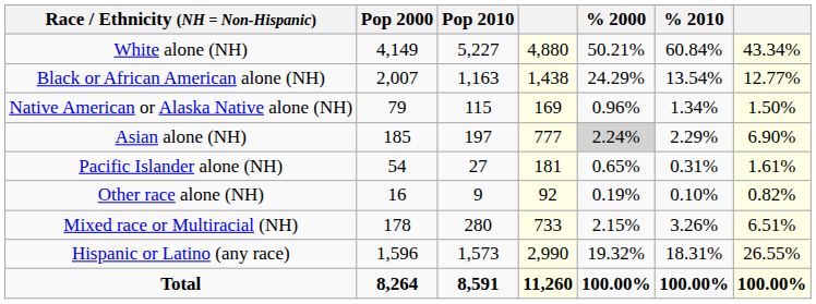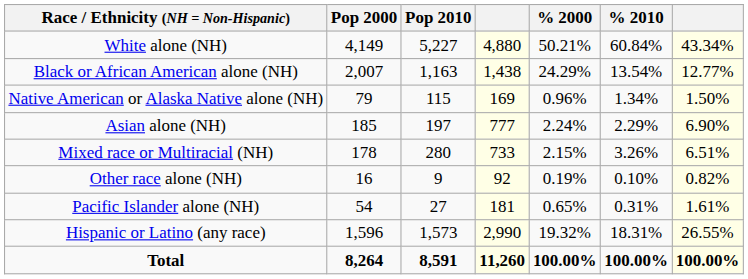 <table class="wikitable" style="text-align:center;">
 <tr>
 <th>Race / Ethnicity <small>(<em>NH = Non-Hispanic</em>)</small></th>
 <th>Pop 2000</th>
 <th>Pop 2010</th>
 <th></th>
 <th>% 2000</th>
 <th>% 2010</th>
 <th></th>
 </tr>
 <tr>
 <td><a href='#'>White</a> alone (NH)</td>
 <td>4,149</td>
 <td>5,227</td>
 <td style='background: #ffffe6;'>4,880</td>
 <td>50.21%</td>
 <td>60.84%</td>
 <td style='background: #ffffe6;'>43.34%</td>
 </tr>
 <tr>
 <td><a href='#'>Black or African American</a> alone (NH)</td>
 <td>2,007</td>
 <td>1,163</td>
 <td style='background: #ffffe6;'>1,438</td>
 <td>24.29%</td>
 <td>13.54%</td>
 <td style='background: #ffffe6;'>12.77%</td>
 </tr>
 <tr>
 <td><a href='#'>Native American</a> or <a href='#'>Alaska Native</a> alone (NH)</td>
 <td>79</td>
 <td>115</td>
 <td style='background: #ffffe6;'>169</td>
 <td>0.96%</td>
 <td>1.34%</td>
 <td style='background: #ffffe6;'>1.50%</td>
 </tr>
 <tr>
 <td><a href='#'>Asian</a> alone (NH)</td>
 <td>185</td>
 <td>197</td>
 <td style='background: #ffffe6;'>777</td>
-<td style="background: lightgrey;">2.24%</td>
+<td>2.24%</td>
 <td>2.29%</td>
 <td style='background: #ffffe6;'>6.90%</td>
 </tr>
 <tr>
-<td><a href='#'>Pacific Islander</a> alone (NH)</td>
-<td>54</td>
-<td>27</td>
-<td style='background: #ffffe6;'>181</td>
-<td>0.65%</td>
-<td>0.31%</td>
-<td style='background: #ffffe6;'>1.61%</td>
+<td><a href='#'>Mixed race or Multiracial</a> (NH)</td>
+<td>178</td>
+<td>280</td>
+<td style='background: #ffffe6;'>733</td>
+<td>2.15%</td>
+<td>3.26%</td>
+<td style='background: #ffffe6;'>6.51%</td>
 </tr>
 <tr>
 <td><a href='#'>Other race</a> alone (NH)</td>
 <td>16</td>
 <td>9</td>
 <td style='background: #ffffe6;'>92</td>
 <td>0.19%</td>
 <td>0.10%</td>
 <td style='background: #ffffe6;'>0.82%</td>
 </tr>
 <tr>
-<td><a href='#'>Mixed race or Multiracial</a> (NH)</td>
-<td>178</td>
-<td>280</td>
-<td style='background: #ffffe6;'>733</td>
-<td>2.15%</td>
-<td>3.26%</td>
-<td style='background: #ffffe6;'>6.51%</td>
+<td><a href='#'>Pacific Islander</a> alone (NH)</td>
+<td>54</td>
+<td>27</td>
+<td style='background: #ffffe6;'>181</td>
+<td>0.65%</td>
+<td>0.31%</td>
+<td style='background: #ffffe6;'>1.61%</td>
 </tr>
 <tr>
 <td><a href='#'>Hispanic or Latino</a> (any race)</td>
 <td>1,596</td>
 <td>1,573</td>
 <td style='background: #ffffe6;'>2,990</td>
 <td>19.32%</td>
 <td>18.31%</td>
 <td style='background: #ffffe6;'>26.55%</td>
 </tr>
 <tr>
 <td><strong>Total</strong></td>
 <td><strong>8,264</strong></td>
 <td><strong>8,591</strong></td>
 <td style='background: #ffffe6;'><strong>11,260</strong></td>
 <td><strong>100.00%</strong></td>
 <td><strong>100.00%</strong></td>
 <td style='background: #ffffe6;'><strong>100.00%</strong></td>
 </tr>
 </table>
